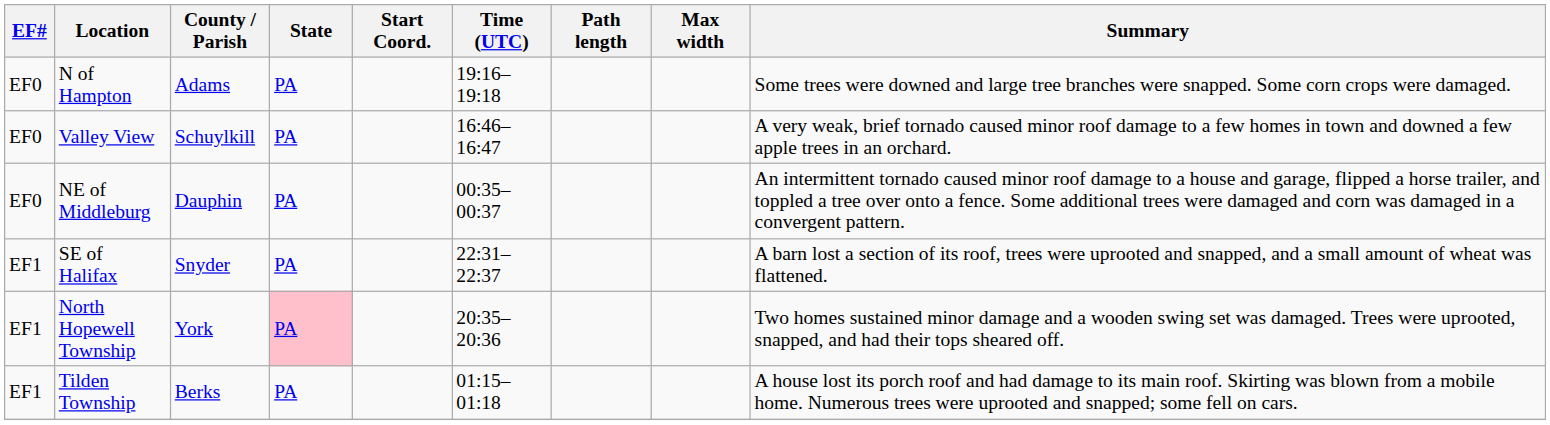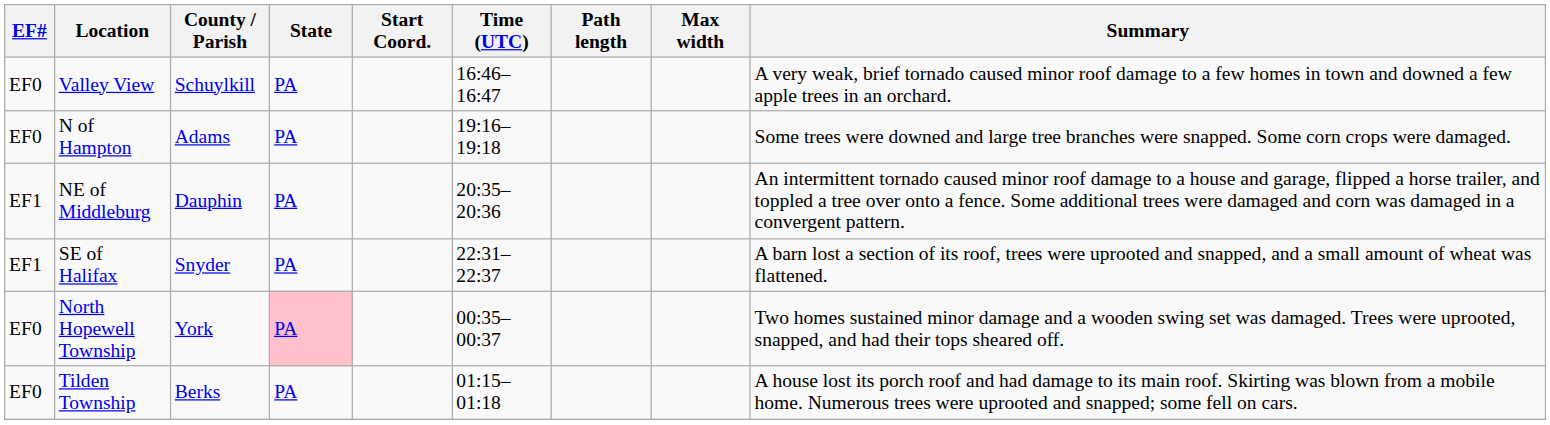 <table class="wikitable sortable" style="width:100%;">
 <tr>
 <th scope="col"  style="width:3%; text-align:center;"><a href='#'>EF#</a></th>
 <th scope="col"  style="width:7%; text-align:center;" class="unsortable">Location</th>
 <th scope="col"  style="width:6%; text-align:center;" class="unsortable">County / Parish</th>
 <th scope="col"  style="width:5%; text-align:center;">State</th>
 <th scope="col"  style="width:6%; text-align:center;">Start Coord.</th>
 <th scope="col"  style="width:6%; text-align:center;">Time (<a href='#'>UTC</a>)</th>
 <th scope="col"  style="width:6%; text-align:center;">Path length</th>
 <th scope="col"  style="width:6%; text-align:center;">Max width</th>
 <th scope="col" class="unsortable" style="width:48%; text-align:center;">Summary</th>
 </tr>
 <tr>
 <td>EF0</td>
-<td>N of <a href='#'>Hampton</a></td>
-<td><a href='#'>Adams</a></td>
-<td><a href='#'>PA</a></td>
-<td></td>
-<td>19:16–19:18</td>
-<td></td>
-<td></td>
-<td>Some trees were downed and large tree branches were snapped. Some corn crops were damaged.</td>
-</tr>
-<tr>
-<td>EF0</td>
 <td><a href='#'>Valley View</a></td>
 <td><a href='#'>Schuylkill</a></td>
 <td><a href='#'>PA</a></td>
 <td></td>
 <td>16:46–16:47</td>
 <td></td>
 <td></td>
 <td>A very weak, brief tornado caused minor roof damage to a few homes in town and downed a few apple trees in an orchard.</td>
 </tr>
 <tr>
 <td>EF0</td>
+<td>N of <a href='#'>Hampton</a></td>
+<td><a href='#'>Adams</a></td>
+<td><a href='#'>PA</a></td>
+<td></td>
+<td>19:16–19:18</td>
+<td></td>
+<td></td>
+<td>Some trees were downed and large tree branches were snapped. Some corn crops were damaged.</td>
+</tr>
+<tr>
+<td>EF1</td>
 <td>NE of <a href='#'>Middleburg</a></td>
 <td><a href='#'>Dauphin</a></td>
 <td><a href='#'>PA</a></td>
 <td></td>
-<td>00:35–00:37</td>
+<td>20:35–20:36</td>
 <td></td>
 <td></td>
 <td>An intermittent tornado caused minor roof damage to a house and garage, flipped a horse trailer, and toppled a tree over onto a fence. Some additional trees were damaged and corn was damaged in a convergent pattern.</td>
 </tr>
 <tr>
 <td>EF1</td>
 <td>SE of <a href='#'>Halifax</a></td>
 <td><a href='#'>Snyder</a></td>
 <td><a href='#'>PA</a></td>
 <td></td>
 <td>22:31–22:37</td>
 <td></td>
 <td></td>
 <td>A barn lost a section of its roof, trees were uprooted and snapped, and a small amount of wheat was flattened.</td>
 </tr>
 <tr>
-<td>EF1</td>
+<td>EF0</td>
 <td><a href='#'>North Hopewell Township</a></td>
 <td><a href='#'>York</a></td>
 <td style="background: pink;"><a href='#'>PA</a></td>
 <td></td>
-<td>20:35–20:36</td>
+<td>00:35–00:37</td>
 <td></td>
 <td></td>
 <td>Two homes sustained minor damage and a wooden swing set was damaged. Trees were uprooted, snapped, and had their tops sheared off.</td>
 </tr>
 <tr>
-<td>EF1</td>
+<td>EF0</td>
 <td><a href='#'>Tilden Township</a></td>
 <td><a href='#'>Berks</a></td>
 <td><a href='#'>PA</a></td>
 <td></td>
 <td>01:15–01:18</td>
 <td></td>
 <td></td>
 <td>A house lost its porch roof and had damage to its main roof. Skirting was blown from a mobile home. Numerous trees were uprooted and snapped; some fell on cars.</td>
 </tr>
 <tr>
 </tr>
 </table>
